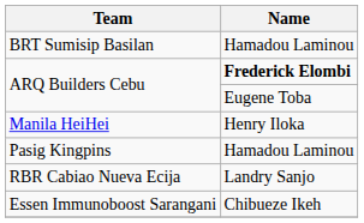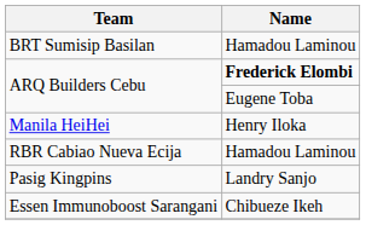 <table class="wikitable">
 <tr>
 <th>Team</th>
 <th>Name</th>
 </tr>
 <tr>
 <td>BRT Sumisip Basilan</td>
 <td> Hamadou Laminou</td>
 </tr>
 <tr>
 <td rowspan=2>ARQ Builders Cebu</td>
 <td><strong> Frederick Elombi</strong></td>
 </tr>
 <tr>
 <td> Eugene Toba</td>
 </tr>
 <tr>
 <td><a href='#'>Manila HeiHei</a></td>
 <td> Henry Iloka</td>
 </tr>
 <tr>
-<td>Pasig Kingpins</td>
+<td>RBR Cabiao Nueva Ecija</td>
 <td> Hamadou Laminou</td>
 </tr>
 <tr>
-<td>RBR Cabiao Nueva Ecija</td>
+<td>Pasig Kingpins</td>
 <td> Landry Sanjo</td>
 </tr>
 <tr>
 <td>Essen Immunoboost Sarangani</td>
 <td> Chibueze Ikeh</td>
 </tr>
 <tr>
 </tr>
 </table>
